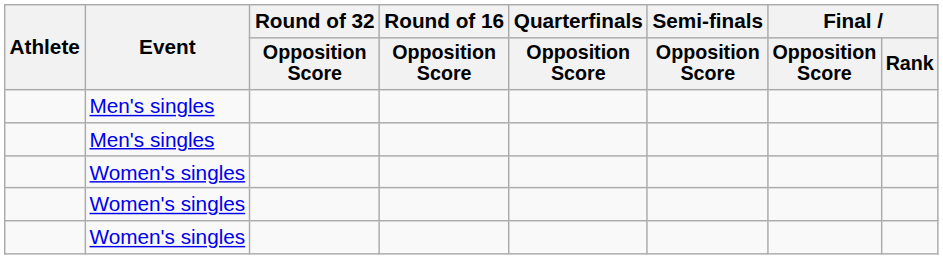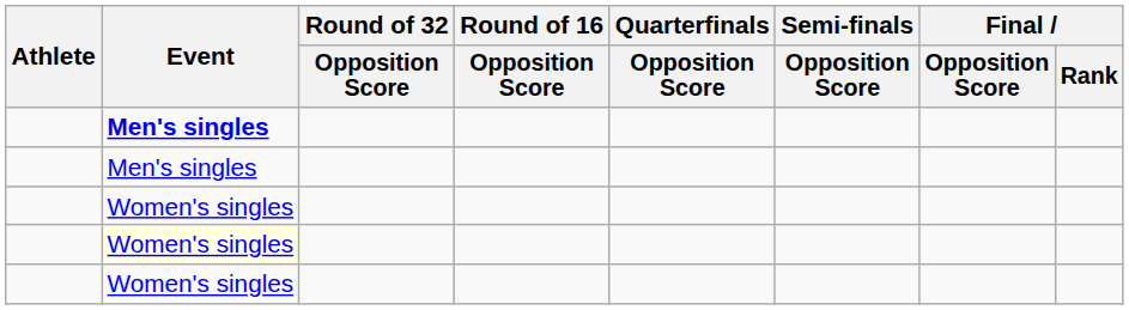 <table class="wikitable" style="font-size:90%">
 <tr>
 <th rowspan=2>Athlete</th>
 <th rowspan=2>Event</th>
 <th>Round of 32</th>
 <th>Round of 16</th>
 <th>Quarterfinals</th>
 <th>Semi-finals</th>
 <th colspan=2>Final / </th>
 </tr>
 <tr style="font-size:95%">
 <th>Opposition<br>Score</th>
 <th>Opposition<br>Score</th>
 <th>Opposition<br>Score</th>
 <th>Opposition<br>Score</th>
 <th>Opposition<br>Score</th>
 <th>Rank</th>
 </tr>
 <tr align=center>
 <td align=left></td>
-<td align=left><a href='#'>Men's singles</a></td>
+<td align=left><strong><a href='#'>Men's singles</a></strong></td>
 <td></td>
 <td></td>
 <td></td>
 <td></td>
 <td></td>
 <td></td>
 </tr>
 <tr align=center>
 <td align=left></td>
 <td align=left><a href='#'>Men's singles</a></td>
 <td></td>
 <td></td>
 <td></td>
 <td></td>
 <td></td>
 <td></td>
 </tr>
 <tr align=center>
 <td align=left></td>
 <td align=left><a href='#'>Women's singles</a></td>
 <td></td>
 <td></td>
 <td></td>
 <td></td>
 <td></td>
 <td></td>
 </tr>
 <tr align=center>
 <td align=left></td>
-<td align=left><a href='#'>Women's singles</a></td>
+<td align=left style="background: lightyellow;"><a href='#'>Women's singles</a></td>
 <td></td>
 <td></td>
 <td></td>
 <td></td>
 <td></td>
 <td></td>
 </tr>
 <tr align=center>
 <td align=left></td>
 <td align=left><a href='#'>Women's singles</a></td>
 <td></td>
 <td></td>
 <td></td>
 <td></td>
 <td></td>
 <td></td>
 </tr>
 </table>
